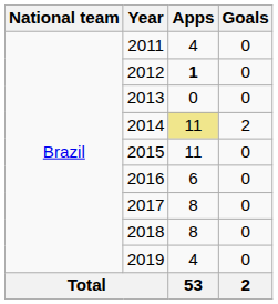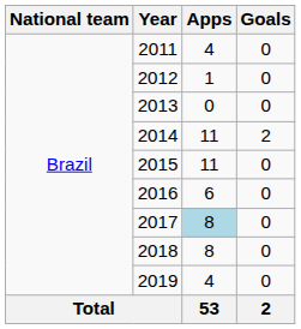 <table class="wikitable" style="text-align:center">
 <tr>
 <th>National team</th>
 <th>Year</th>
 <th>Apps</th>
 <th>Goals</th>
 </tr>
 <tr>
 <td rowspan=9><a href='#'>Brazil</a></td>
 <td>2011</td>
 <td>4</td>
 <td>0</td>
 </tr>
 <tr>
 <td>2012</td>
-<td><strong>1</strong></td>
+<td>1</td>
 <td>0</td>
 </tr>
 <tr>
 <td>2013</td>
 <td>0</td>
 <td>0</td>
 </tr>
 <tr>
 <td>2014</td>
-<td style="background: khaki;">11</td>
+<td>11</td>
 <td>2</td>
 </tr>
 <tr>
 <td>2015</td>
 <td>11</td>
 <td>0</td>
 </tr>
 <tr>
 <td>2016</td>
 <td>6</td>
 <td>0</td>
 </tr>
 <tr>
 <td>2017</td>
-<td>8</td>
+<td style="background: lightblue;">8</td>
 <td>0</td>
 </tr>
 <tr>
 <td>2018</td>
 <td>8</td>
 <td>0</td>
 </tr>
 <tr>
 <td>2019</td>
 <td>4</td>
 <td>0</td>
 </tr>
 <tr>
 <th colspan=2>Total</th>
 <th>53</th>
 <th>2</th>
 </tr>
 </table>
